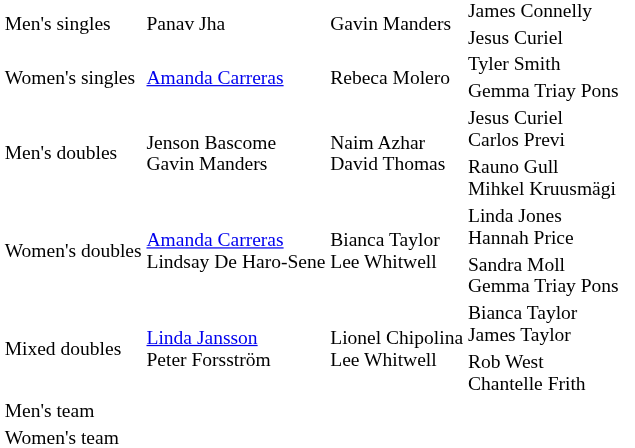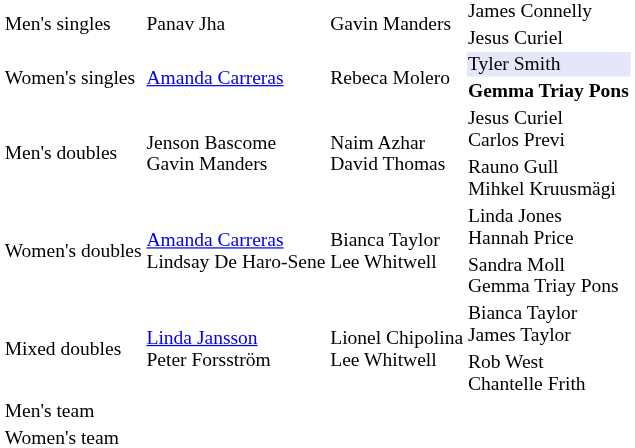 <table>
 <tr>
 <td rowspan=2>Men's singles<br></td>
 <td rowspan=2> Panav Jha</td>
 <td rowspan=2> Gavin Manders</td>
 <td> James Connelly</td>
 </tr>
 <tr>
 <td> Jesus Curiel</td>
 </tr>
 <tr>
 <td rowspan=2>Women's singles<br></td>
 <td rowspan=2> <a href='#'>Amanda Carreras</a></td>
 <td rowspan=2> Rebeca Molero</td>
-<td> Tyler Smith</td>
+<td style="background: lavender;"> Tyler Smith</td>
 </tr>
 <tr>
-<td> Gemma Triay Pons</td>
+<td><strong> Gemma Triay Pons</strong></td>
 </tr>
 <tr>
 <td rowspan=2>Men's doubles<br></td>
 <td rowspan=2> Jenson Bascome<br> Gavin Manders</td>
 <td rowspan=2> Naim Azhar<br> David Thomas</td>
 <td> Jesus Curiel<br> Carlos Previ</td>
 </tr>
 <tr>
 <td> Rauno Gull<br> Mihkel Kruusmägi</td>
 </tr>
 <tr>
 <td rowspan=2>Women's doubles<br></td>
 <td rowspan=2> <a href='#'>Amanda Carreras</a><br> Lindsay De Haro-Sene</td>
 <td rowspan=2> Bianca Taylor<br> Lee Whitwell</td>
 <td> Linda Jones<br> Hannah Price</td>
 </tr>
 <tr>
 <td> Sandra Moll<br> Gemma Triay Pons</td>
 </tr>
 <tr>
 <td rowspan=2>Mixed doubles<br></td>
 <td rowspan=2> <a href='#'>Linda Jansson</a><br> Peter Forsström</td>
 <td rowspan=2> Lionel Chipolina<br> Lee Whitwell</td>
 <td> Bianca Taylor<br> James Taylor</td>
 </tr>
 <tr>
 <td> Rob West<br> Chantelle Frith</td>
 </tr>
 <tr>
 <td>Men's team<br></td>
 <td></td>
 <td></td>
 <td></td>
 </tr>
 <tr>
 <td>Women's team<br></td>
 <td></td>
 <td></td>
 <td></td>
 </tr>
 </table>
